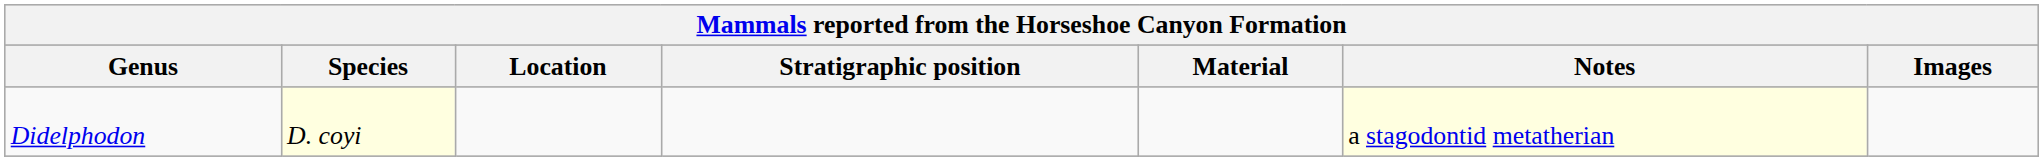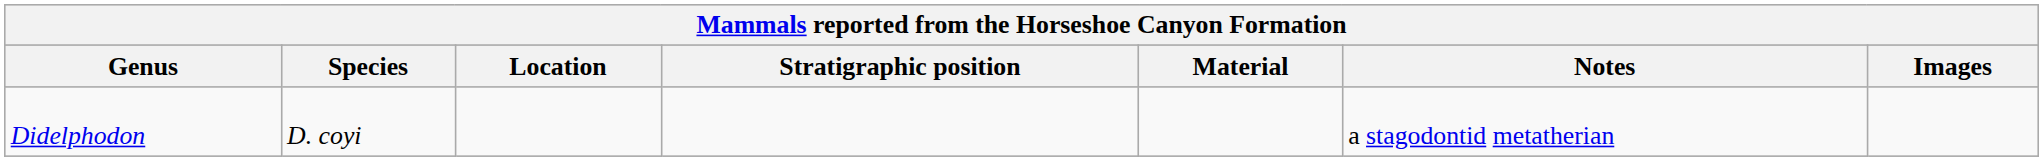 <table class="wikitable" align="center" width="100%">
 <tr>
 <th colspan="7" align="center"><strong><a href='#'>Mammals</a> reported from the Horseshoe Canyon Formation</strong></th>
 </tr>
 <tr>
 <th>Genus</th>
 <th>Species</th>
 <th>Location</th>
 <th>Stratigraphic position</th>
 <th>Material</th>
 <th>Notes</th>
 <th>Images</th>
 </tr>
 <tr>
 <td rowspan=1><br><em><a href='#'>Didelphodon</a></em></td>
-<td style="background: lightyellow;"><br><em>D. coyi</em></td>
+<td><br><em>D. coyi</em></td>
 <td></td>
 <td></td>
 <td></td>
-<td style="background: lightyellow;"><br>a <a href='#'>stagodontid</a> <a href='#'>metatherian</a></td>
+<td><br>a <a href='#'>stagodontid</a> <a href='#'>metatherian</a></td>
 <td></td>
 </tr>
 </table>
